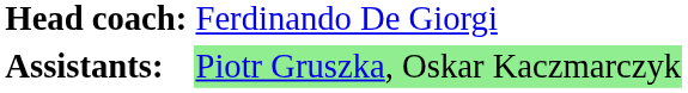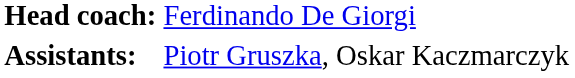 <table>
 <tr>
 <td><strong>Head coach:</strong></td>
 <td><a href='#'>Ferdinando De Giorgi</a></td>
 </tr>
 <tr>
 <td><strong>Assistants:</strong></td>
-<td style="background: lightgreen;"><a href='#'>Piotr Gruszka</a>, Oskar Kaczmarczyk</td>
+<td><a href='#'>Piotr Gruszka</a>, Oskar Kaczmarczyk</td>
 </tr>
 </table>
